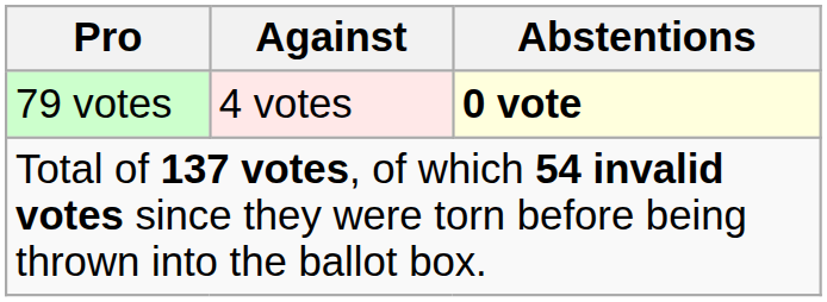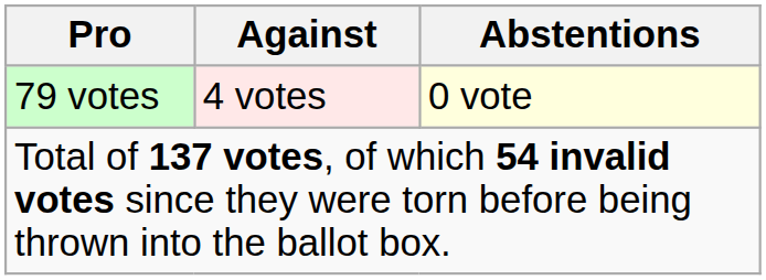 <table class="wikitable" width="25%">
 <tr>
 <th>Pro</th>
 <th>Against</th>
 <th>Abstentions</th>
 </tr>
 <tr>
 <td bgcolor="#CCFFCC">79 votes</td>
 <td bgcolor="#FFE8E8">4 votes</td>
-<td bgcolor="#FFFFDD"><strong>0 vote</strong></td>
+<td bgcolor="#FFFFDD">0 vote</td>
 </tr>
 <tr>
 <td colspan="3">Total of <strong>137 votes</strong>, of which <strong>54 invalid votes</strong> since they were torn before being thrown into the ballot box.</td>
 </tr>
 </table>
